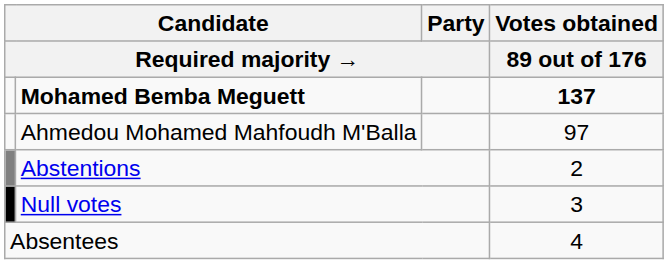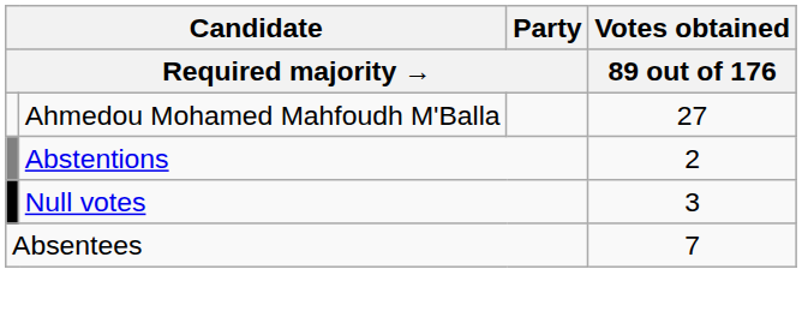 <table class="wikitable" style="font-size:95%;">
 <tr>
 <th colspan=2>Candidate</th>
 <th>Party</th>
 <th>Votes obtained</th>
 </tr>
 <tr>
 <th colspan=3>Required majority →</th>
 <th>89 out of 176</th>
 </tr>
 <tr>
 <td style="color:inherit;background:"></td>
-<td><strong>Mohamed Bemba Meguett</strong></td>
-<td></td>
-<td style="text-align:center;"><strong>137</strong> </td>
-</tr>
-<tr>
-<td style="color:inherit;background:"></td>
 <td>Ahmedou Mohamed Mahfoudh M'Balla</td>
 <td></td>
-<td style="text-align:center;">97 </td>
+<td style="text-align:center;">27 </td>
 </tr>
 <tr>
 <td style="background:gray;"></td>
 <td colspan=2><a href='#'>Abstentions</a></td>
 <td style="text-align:center;">2</td>
 </tr>
 <tr>
 <td style="background:black;"></td>
 <td colspan=2><a href='#'>Null votes</a></td>
 <td style="text-align:center;">3</td>
 </tr>
 <tr>
 <td colspan=3>Absentees</td>
-<td style="text-align:center;">4</td>
+<td style="text-align:center;">7</td>
 </tr>
 </table>
